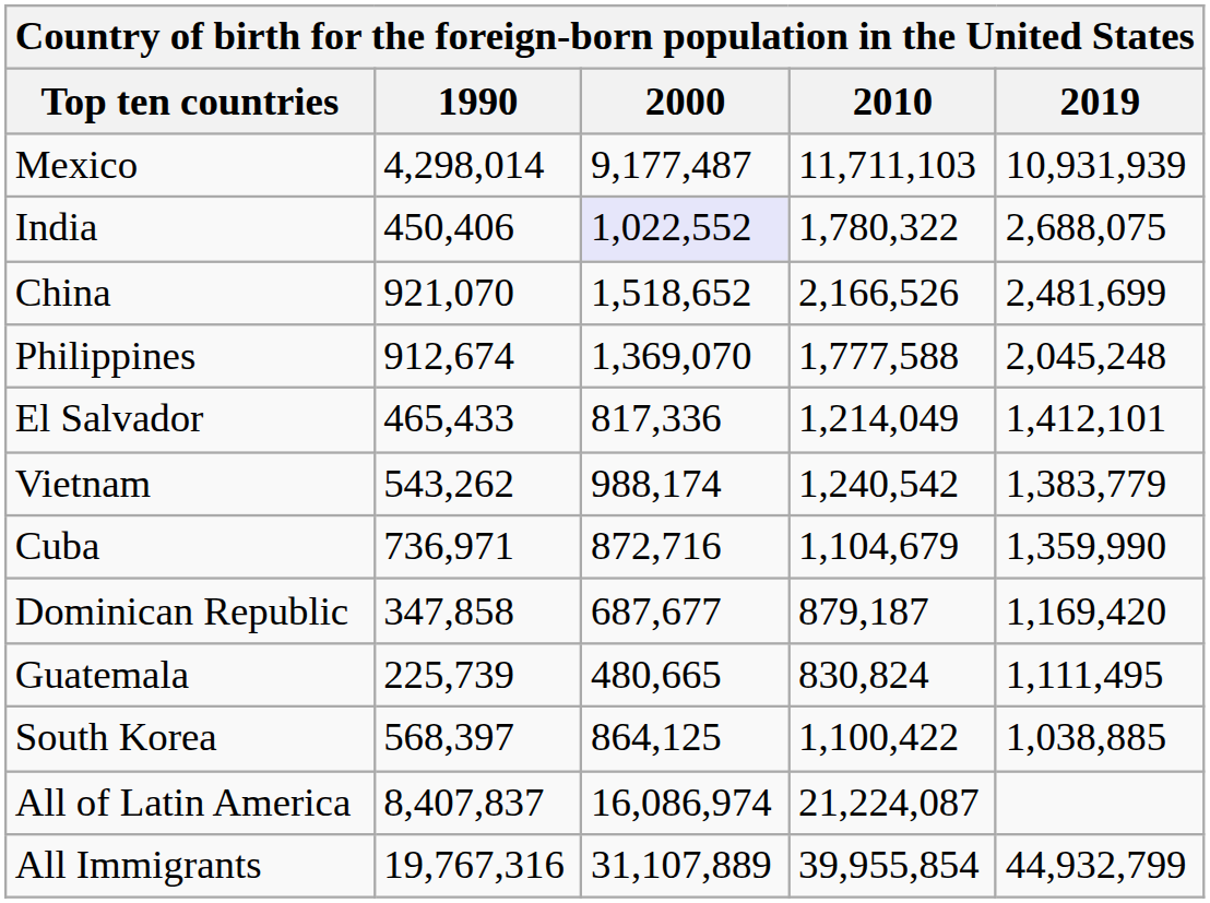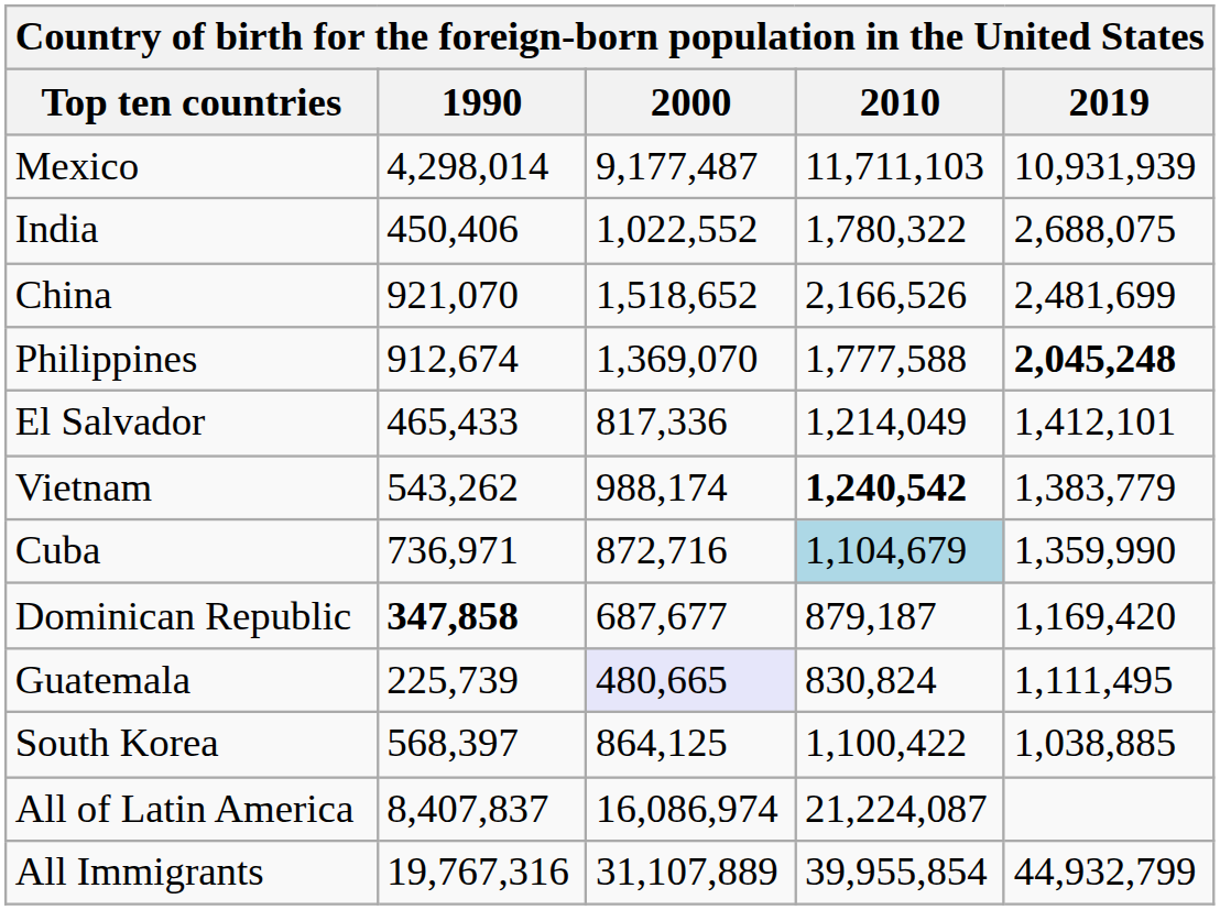 <table class="wikitable">
 <tr>
 <th colspan="5">Country of birth for the foreign-born population in the United States</th>
 </tr>
 <tr>
 <th scope="col">Top ten countries</th>
 <th scope="col">1990</th>
 <th scope="col">2000</th>
 <th scope="col">2010</th>
 <th scope="col">2019</th>
 </tr>
 <tr>
 <td>Mexico</td>
 <td>4,298,014</td>
 <td>9,177,487</td>
 <td>11,711,103</td>
 <td>10,931,939</td>
 </tr>
 <tr>
 <td>India</td>
 <td>450,406</td>
-<td style="background: lavender;">1,022,552</td>
+<td>1,022,552</td>
 <td>1,780,322</td>
 <td>2,688,075</td>
 </tr>
 <tr>
 <td>China</td>
 <td>921,070</td>
 <td>1,518,652</td>
 <td>2,166,526</td>
 <td>2,481,699</td>
 </tr>
 <tr>
 <td>Philippines</td>
 <td>912,674</td>
 <td>1,369,070</td>
 <td>1,777,588</td>
-<td>2,045,248</td>
+<td><strong>2,045,248</strong></td>
 </tr>
 <tr>
 <td>El Salvador</td>
 <td>465,433</td>
 <td>817,336</td>
 <td>1,214,049</td>
 <td>1,412,101</td>
 </tr>
 <tr>
 <td>Vietnam</td>
 <td>543,262</td>
 <td>988,174</td>
-<td>1,240,542</td>
+<td><strong>1,240,542</strong></td>
 <td>1,383,779</td>
 </tr>
 <tr>
 <td>Cuba</td>
 <td>736,971</td>
 <td>872,716</td>
-<td>1,104,679</td>
+<td style="background: lightblue;">1,104,679</td>
 <td>1,359,990</td>
 </tr>
 <tr>
 <td>Dominican Republic</td>
-<td>347,858</td>
+<td><strong>347,858</strong></td>
 <td>687,677</td>
 <td>879,187</td>
 <td>1,169,420</td>
 </tr>
 <tr>
 <td>Guatemala</td>
 <td>225,739</td>
-<td>480,665</td>
+<td style="background: lavender;">480,665</td>
 <td>830,824</td>
 <td>1,111,495</td>
 </tr>
 <tr>
 <td>South Korea</td>
 <td>568,397</td>
 <td>864,125</td>
 <td>1,100,422</td>
 <td>1,038,885</td>
 </tr>
 <tr>
 <td>All of Latin America</td>
 <td>8,407,837</td>
 <td>16,086,974</td>
 <td>21,224,087</td>
 <td></td>
 </tr>
 <tr>
 <td>All Immigrants</td>
 <td>19,767,316</td>
 <td>31,107,889</td>
 <td>39,955,854</td>
 <td>44,932,799</td>
 </tr>
 </table>
